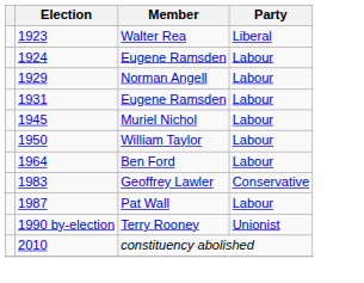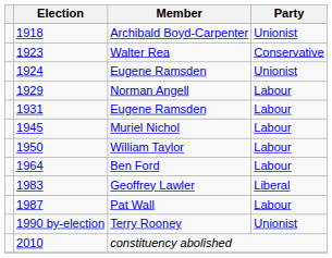 <table class=wikitable>
 <tr>
 <th> </th>
 <th>Election</th>
 <th>Member</th>
 <th>Party</th>
 </tr>
 <tr>
 <td style="color:inherit;background-color: "></td>
+<td><a href='#'>1918</a></td>
+<td><a href='#'>Archibald Boyd-Carpenter</a></td>
+<td><a href='#'>Unionist</a></td>
+</tr>
+<tr>
+<td style="color:inherit;background-color: "></td>
 <td><a href='#'>1923</a></td>
 <td><a href='#'>Walter Rea</a></td>
-<td><a href='#'>Liberal</a></td>
+<td><a href='#'>Conservative</a></td>
 </tr>
 <tr>
 <td style="color:inherit;background-color: "></td>
 <td><a href='#'>1924</a></td>
 <td><a href='#'>Eugene Ramsden</a></td>
-<td><a href='#'>Labour</a></td>
+<td><a href='#'>Unionist</a></td>
 </tr>
 <tr>
 <td style="color:inherit;background-color: "></td>
 <td><a href='#'>1929</a></td>
 <td><a href='#'>Norman Angell</a></td>
 <td><a href='#'>Labour</a></td>
 </tr>
 <tr>
 <td style="color:inherit;background-color: "></td>
 <td><a href='#'>1931</a></td>
 <td><a href='#'>Eugene Ramsden</a></td>
 <td><a href='#'>Labour</a></td>
 </tr>
 <tr>
 <td style="color:inherit;background-color: "></td>
 <td><a href='#'>1945</a></td>
 <td><a href='#'>Muriel Nichol</a></td>
 <td><a href='#'>Labour</a></td>
 </tr>
 <tr>
 <td style="color:inherit;background-color: "></td>
 <td><a href='#'>1950</a></td>
 <td><a href='#'>William Taylor</a></td>
 <td><a href='#'>Labour</a></td>
 </tr>
 <tr>
 <td style="color:inherit;background-color: "></td>
 <td><a href='#'>1964</a></td>
 <td><a href='#'>Ben Ford</a></td>
 <td><a href='#'>Labour</a></td>
 </tr>
 <tr>
 <td style="color:inherit;background-color: "></td>
 <td><a href='#'>1983</a></td>
 <td><a href='#'>Geoffrey Lawler</a></td>
-<td><a href='#'>Conservative</a></td>
+<td><a href='#'>Liberal</a></td>
 </tr>
 <tr>
 <td style="color:inherit;background-color: "></td>
 <td><a href='#'>1987</a></td>
 <td><a href='#'>Pat Wall</a></td>
 <td><a href='#'>Labour</a></td>
 </tr>
 <tr>
 <td style="color:inherit;background-color: "></td>
 <td><a href='#'>1990 by-election</a></td>
 <td><a href='#'>Terry Rooney</a></td>
 <td><a href='#'>Unionist</a></td>
 </tr>
 <tr>
 <td></td>
 <td><a href='#'>2010</a></td>
 <td colspan="2"><em>constituency abolished</em></td>
 </tr>
 <tr>
 </tr>
 </table>
